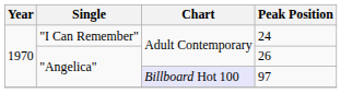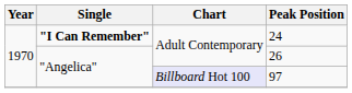 <table class="wikitable">
 <tr>
 <th align="left">Year</th>
 <th align="left">Single</th>
 <th align="left">Chart</th>
 <th align="left">Peak Position</th>
 </tr>
 <tr>
 <td align="left" rowspan="3">1970</td>
-<td align="left">"I Can Remember"</td>
+<td align="left"><strong>"I Can Remember"</strong></td>
 <td align="left" rowspan="2">Adult Contemporary</td>
 <td align="left">24</td>
 </tr>
 <tr>
 <td align="left" rowspan="2">"Angelica"</td>
 <td align="left">26</td>
 </tr>
 <tr>
 <td align="left" style="background: lavender;"><em>Billboard</em> Hot 100</td>
 <td align="left">97</td>
 </tr>
 <tr>
 </tr>
 </table>
